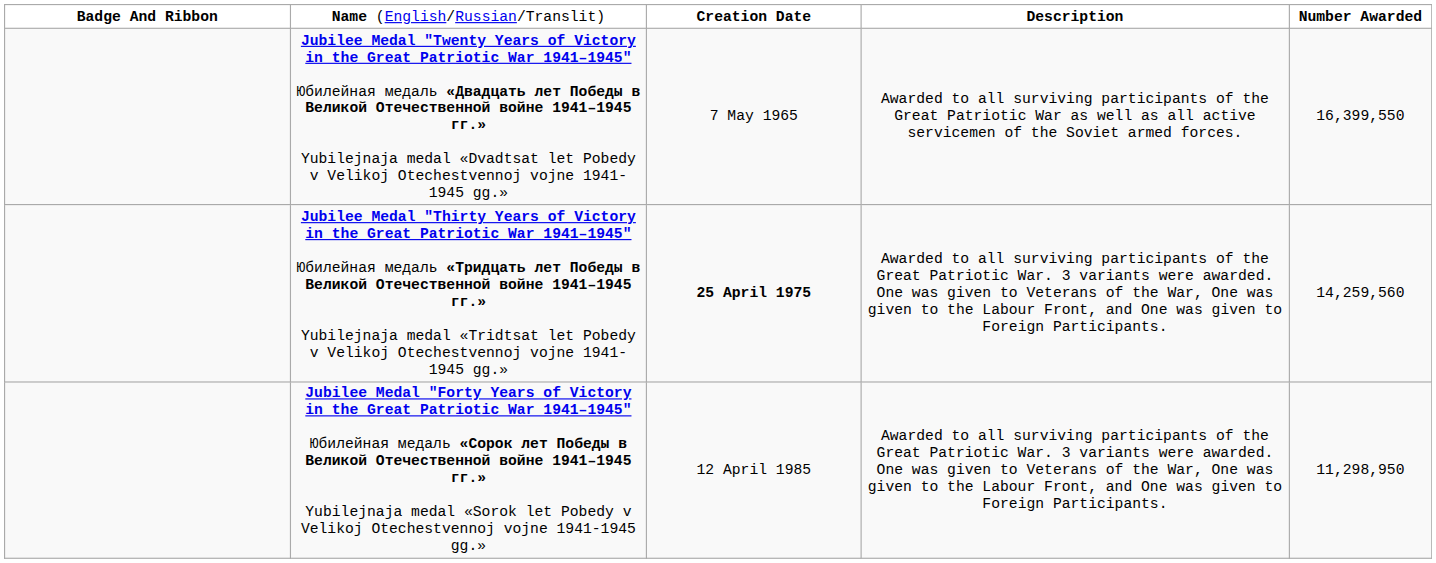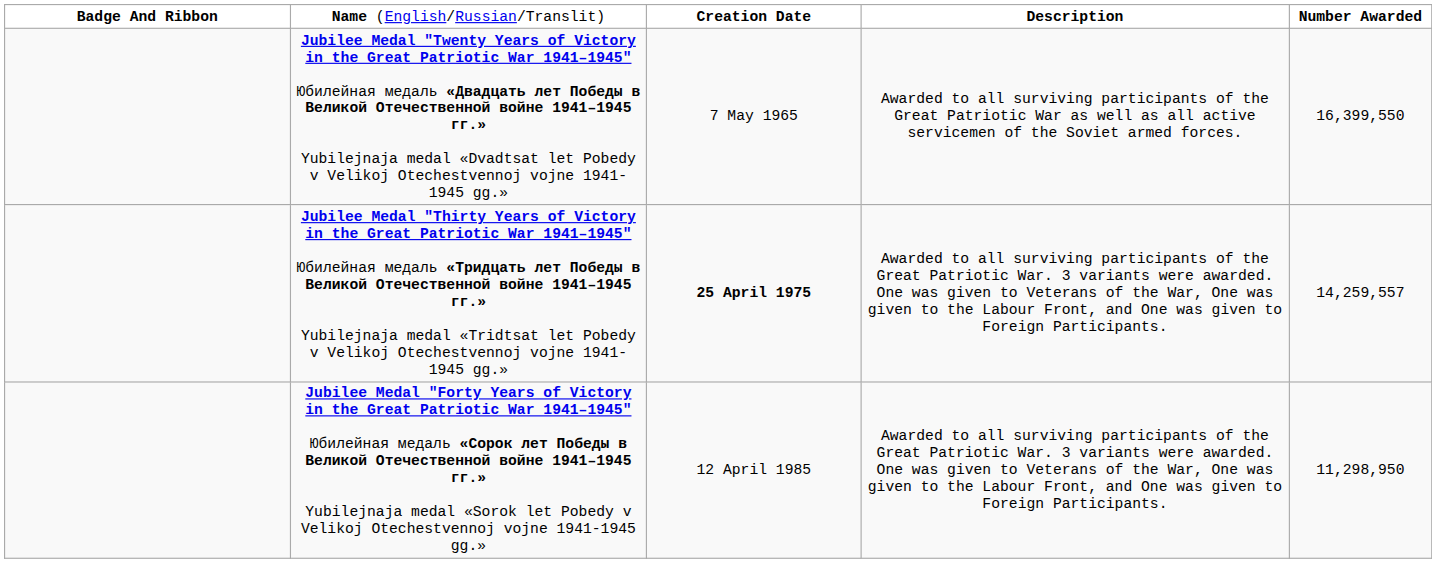 <table class="wikitable" width="100%" style="text-align:center;">
 <tr>
 <td width="20%" bgcolor="#FFFFFF"><strong>Badge And Ribbon</strong></td>
 <td width="25%" bgcolor="#FFFFFF"><strong>Name</strong> (<a href='#'>English</a>/<a href='#'>Russian</a>/Translit)</td>
 <td width="15%" bgcolor="#FFFFFF"><strong>Creation Date</strong></td>
 <td width="30%" bgcolor="#FFFFFF"><strong>Description</strong></td>
 <td width="10%" bgcolor="#FFFFFF"><strong>Number Awarded</strong></td>
 </tr>
 <tr>
 <td><br></td>
 <td><strong><a href='#'>Jubilee Medal "Twenty Years of Victory in the Great Patriotic War 1941–1945"</a></strong><br><br>Юбилейная медаль <strong>«Двадцать лет Победы в Великой Отечественной войне 1941–1945 гг.»</strong><br><br>Yubilejnaja medal «Dvadtsat let Pobedy v Velikoj Otechestvennoj vojne 1941-1945 gg.»</td>
 <td>7 May 1965</td>
 <td>Awarded to all surviving participants of the Great Patriotic War as well as all active servicemen of the Soviet armed forces.</td>
 <td>16,399,550</td>
 </tr>
 <tr>
 <td><br></td>
 <td><strong><a href='#'>Jubilee Medal "Thirty Years of Victory in the Great Patriotic War 1941–1945"</a></strong><br><br>Юбилейная медаль <strong>«Тридцать лет Победы в Великой Отечественной войне 1941–1945 гг.»</strong><br><br>Yubilejnaja medal «Tridtsat let Pobedy v Velikoj Otechestvennoj vojne 1941-1945 gg.»</td>
 <td><strong>25 April 1975</strong></td>
 <td>Awarded to all surviving participants of the Great Patriotic War. 3 variants were awarded. One was given to Veterans of the War, One was given to the Labour Front, and One was given to Foreign Participants.</td>
-<td>14,259,560</td>
+<td>14,259,557</td>
 </tr>
 <tr>
 <td><br></td>
 <td><strong><a href='#'>Jubilee Medal "Forty Years of Victory in the Great Patriotic War 1941–1945"</a></strong><br><br>Юбилейная медаль <strong>«Сорок лет Победы в Великой Отечественной войне 1941–1945 гг.»</strong><br><br>Yubilejnaja medal «Sorok let Pobedy v Velikoj Otechestvennoj vojne 1941-1945 gg.»</td>
 <td>12 April 1985</td>
 <td>Awarded to all surviving participants of the Great Patriotic War. 3 variants were awarded. One was given to Veterans of the War, One was given to the Labour Front, and One was given to Foreign Participants.</td>
 <td>11,298,950</td>
 </tr>
 </table>
